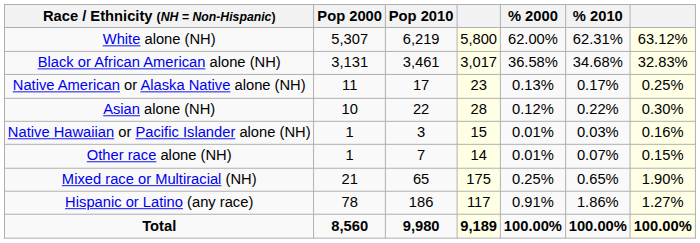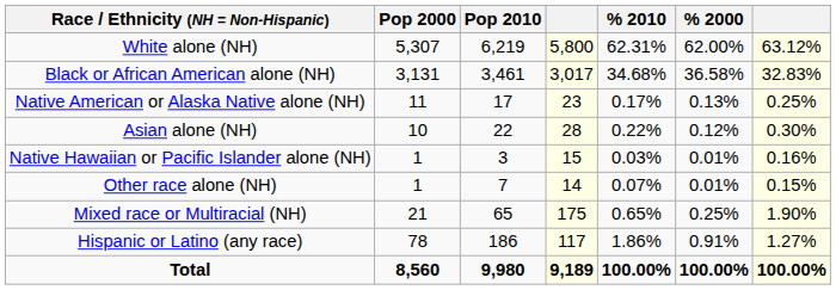 <table class="wikitable" style="text-align:center;">
 <tr>
 <th>Race / Ethnicity <small>(<em>NH = Non-Hispanic</em>)</small></th>
 <th>Pop 2000</th>
 <th>Pop 2010</th>
 <th></th>
+<th>% 2010</th>
 <th>% 2000</th>
-<th>% 2010</th>
 <th></th>
 </tr>
 <tr>
 <td><a href='#'>White</a> alone (NH)</td>
 <td>5,307</td>
 <td>6,219</td>
 <td style='background: #ffffe6;'>5,800</td>
+<td>62.31%</td>
 <td>62.00%</td>
-<td>62.31%</td>
 <td style='background: #ffffe6;'>63.12%</td>
 </tr>
 <tr>
 <td><a href='#'>Black or African American</a> alone (NH)</td>
 <td>3,131</td>
 <td>3,461</td>
 <td style='background: #ffffe6;'>3,017</td>
+<td>34.68%</td>
 <td>36.58%</td>
-<td>34.68%</td>
 <td style='background: #ffffe6;'>32.83%</td>
 </tr>
 <tr>
 <td><a href='#'>Native American</a> or <a href='#'>Alaska Native</a> alone (NH)</td>
 <td>11</td>
 <td>17</td>
 <td style='background: #ffffe6;'>23</td>
+<td>0.17%</td>
 <td>0.13%</td>
-<td>0.17%</td>
 <td style='background: #ffffe6;'>0.25%</td>
 </tr>
 <tr>
 <td><a href='#'>Asian</a> alone (NH)</td>
 <td>10</td>
 <td>22</td>
 <td style='background: #ffffe6;'>28</td>
+<td>0.22%</td>
 <td>0.12%</td>
-<td>0.22%</td>
 <td style='background: #ffffe6;'>0.30%</td>
 </tr>
 <tr>
 <td><a href='#'>Native Hawaiian</a> or <a href='#'>Pacific Islander</a> alone (NH)</td>
 <td>1</td>
 <td>3</td>
 <td style='background: #ffffe6;'>15</td>
+<td>0.03%</td>
 <td>0.01%</td>
-<td>0.03%</td>
 <td style='background: #ffffe6;'>0.16%</td>
 </tr>
 <tr>
 <td><a href='#'>Other race</a> alone (NH)</td>
 <td>1</td>
 <td>7</td>
 <td style='background: #ffffe6;'>14</td>
+<td>0.07%</td>
 <td>0.01%</td>
-<td>0.07%</td>
 <td style='background: #ffffe6;'>0.15%</td>
 </tr>
 <tr>
 <td><a href='#'>Mixed race or Multiracial</a> (NH)</td>
 <td>21</td>
 <td>65</td>
 <td style='background: #ffffe6;'>175</td>
+<td>0.65%</td>
 <td>0.25%</td>
-<td>0.65%</td>
 <td style='background: #ffffe6;'>1.90%</td>
 </tr>
 <tr>
 <td><a href='#'>Hispanic or Latino</a> (any race)</td>
 <td>78</td>
 <td>186</td>
 <td style='background: #ffffe6;'>117</td>
+<td>1.86%</td>
 <td>0.91%</td>
-<td>1.86%</td>
 <td style='background: #ffffe6;'>1.27%</td>
 </tr>
 <tr>
 <td><strong>Total</strong></td>
 <td><strong>8,560</strong></td>
 <td><strong>9,980</strong></td>
 <td style='background: #ffffe6;'><strong>9,189</strong></td>
 <td><strong>100.00%</strong></td>
 <td><strong>100.00%</strong></td>
 <td style='background: #ffffe6;'><strong>100.00%</strong></td>
 </tr>
 </table>
